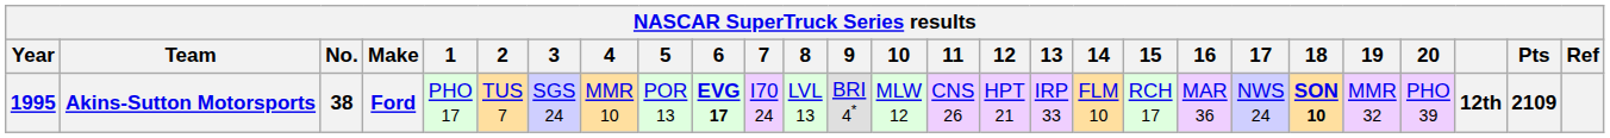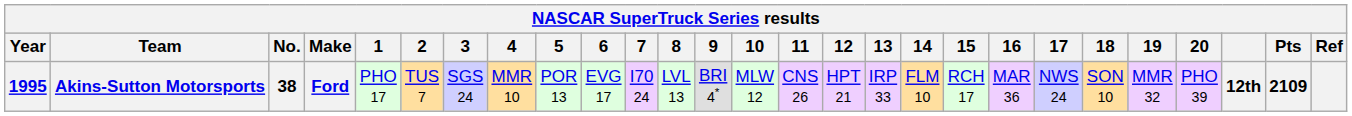 <table class="wikitable" style="text-align:center; font-size:75%">
 <tr>
 <th colspan=45><a href='#'>NASCAR SuperTruck Series</a> results</th>
 </tr>
 <tr>
 <th>Year</th>
 <th>Team</th>
 <th>No.</th>
 <th>Make</th>
 <th>1</th>
 <th>2</th>
 <th>3</th>
 <th>4</th>
 <th>5</th>
 <th>6</th>
 <th>7</th>
 <th>8</th>
 <th>9</th>
 <th>10</th>
 <th>11</th>
 <th>12</th>
 <th>13</th>
 <th>14</th>
 <th>15</th>
 <th>16</th>
 <th>17</th>
 <th>18</th>
 <th>19</th>
 <th>20</th>
 <th></th>
 <th>Pts</th>
 <th>Ref</th>
 </tr>
 <tr>
 <th><a href='#'>1995</a></th>
 <th><a href='#'>Akins-Sutton Motorsports</a></th>
 <th>38</th>
 <th><a href='#'>Ford</a></th>
 <td style="background:#DFFFDF;"><a href='#'>PHO</a><br><small>17</small></td>
 <td style="background:#FFDF9F;"><a href='#'>TUS</a><br><small>7</small></td>
 <td style="background:#CFCFFF;"><a href='#'>SGS</a><br><small>24</small></td>
 <td style="background:#FFDF9F;"><a href='#'>MMR</a><br><small>10</small></td>
 <td style="background:#DFFFDF;"><a href='#'>POR</a><br><small>13</small></td>
-<td style="background:#DFFFDF;"><strong><a href='#'>EVG</a><br><small>17</small></strong></td>
+<td style="background:#DFFFDF;"><a href='#'>EVG</a><br><small>17</small></td>
 <td style="background:#EFCFFF;"><a href='#'>I70</a><br><small>24</small></td>
 <td style="background:#DFFFDF;"><a href='#'>LVL</a><br><small>13</small></td>
 <td style="background:#DFDFDF;"><a href='#'>BRI</a><br><small>4<sup>*</sup></small></td>
 <td style="background:#DFFFDF;"><a href='#'>MLW</a><br><small>12</small></td>
 <td style="background:#EFCFFF;"><a href='#'>CNS</a><br><small>26</small></td>
 <td style="background:#EFCFFF;"><a href='#'>HPT</a><br><small>21</small></td>
 <td style="background:#EFCFFF;"><a href='#'>IRP</a><br><small>33</small></td>
 <td style="background:#FFDF9F;"><a href='#'>FLM</a><br><small>10</small></td>
 <td style="background:#DFFFDF;"><a href='#'>RCH</a><br><small>17</small></td>
 <td style="background:#EFCFFF;"><a href='#'>MAR</a><br><small>36</small></td>
 <td style="background:#CFCFFF;"><a href='#'>NWS</a><br><small>24</small></td>
-<td style="background:#FFDF9F;"><strong><a href='#'>SON</a><br><small>10</small></strong></td>
+<td style="background:#FFDF9F;"><a href='#'>SON</a><br><small>10</small></td>
 <td style="background:#EFCFFF;"><a href='#'>MMR</a><br><small>32</small></td>
 <td style="background:#EFCFFF;"><a href='#'>PHO</a><br><small>39</small></td>
 <th>12th</th>
 <th>2109</th>
 <th></th>
 </tr>
 </table>
